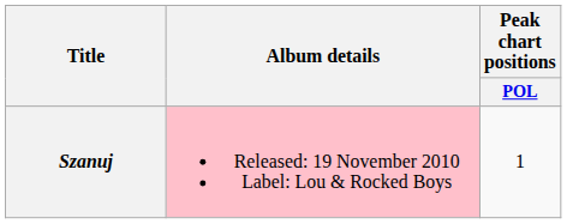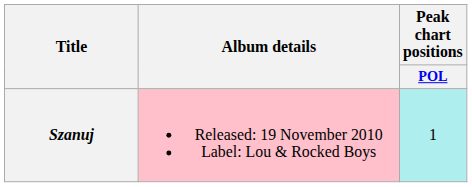 <table class="wikitable plainrowheaders" style="text-align:center;" border="1">
 <tr>
 <th scope="col" rowspan="2" style="width:8em;">Title</th>
 <th scope="col" rowspan="2" style="width:16em;">Album details</th>
 <th scope="col" colspan="1">Peak chart positions</th>
 </tr>
 <tr>
 <th scope="col" style="width:2.2em;font-size:90%;"><a href='#'>POL</a></th>
 </tr>
 <tr>
 <th scope="row"><em>Szanuj</em></th>
 <td style="background: pink;"><br><ul><li>Released: 19 November 2010</li><li>Label: Lou & Rocked Boys</li></ul></td>
-<td>1</td>
+<td style="background: paleturquoise;">1</td>
 </tr>
 </table>
